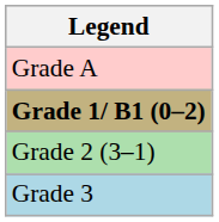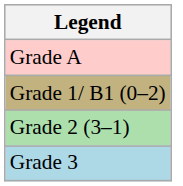 <table class="wikitable" style="font-size:85%;">
 <tr>
 <th>Legend</th>
 </tr>
 <tr bgcolor="ffcccc">
 <td>Grade A</td>
 </tr>
 <tr bgcolor="C2B280">
-<td><strong>Grade 1/ B1  (0–2)</strong></td>
+<td>Grade 1/ B1  (0–2)</td>
 </tr>
 <tr bgcolor="ADDFAD">
 <td>Grade 2  (3–1)</td>
 </tr>
 <tr bgcolor="lightblue">
 <td>Grade 3</td>
 </tr>
 </table>
